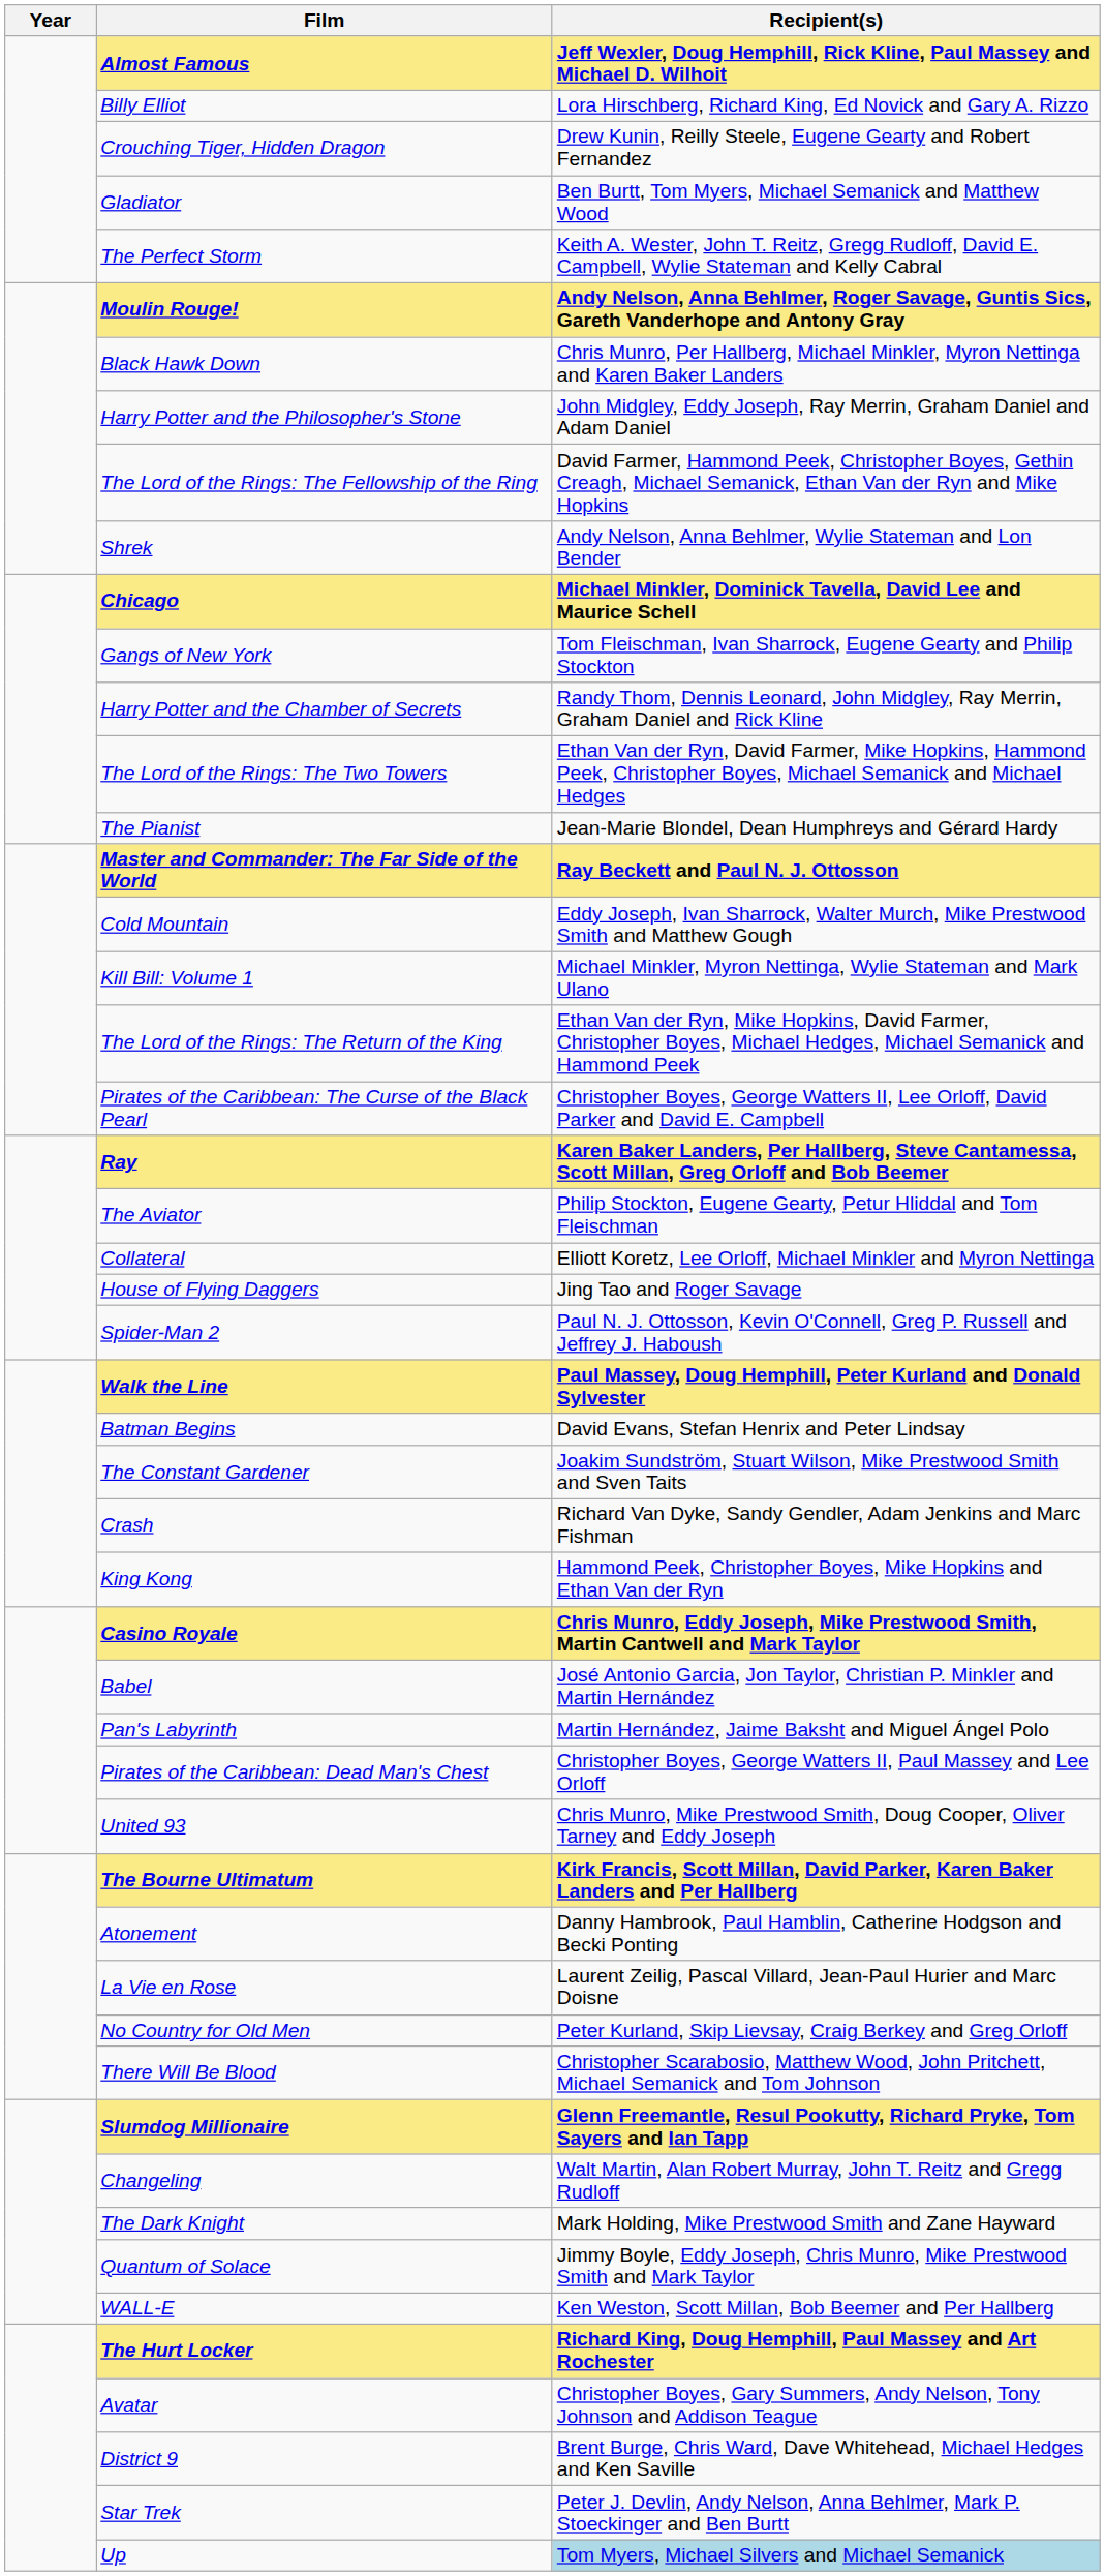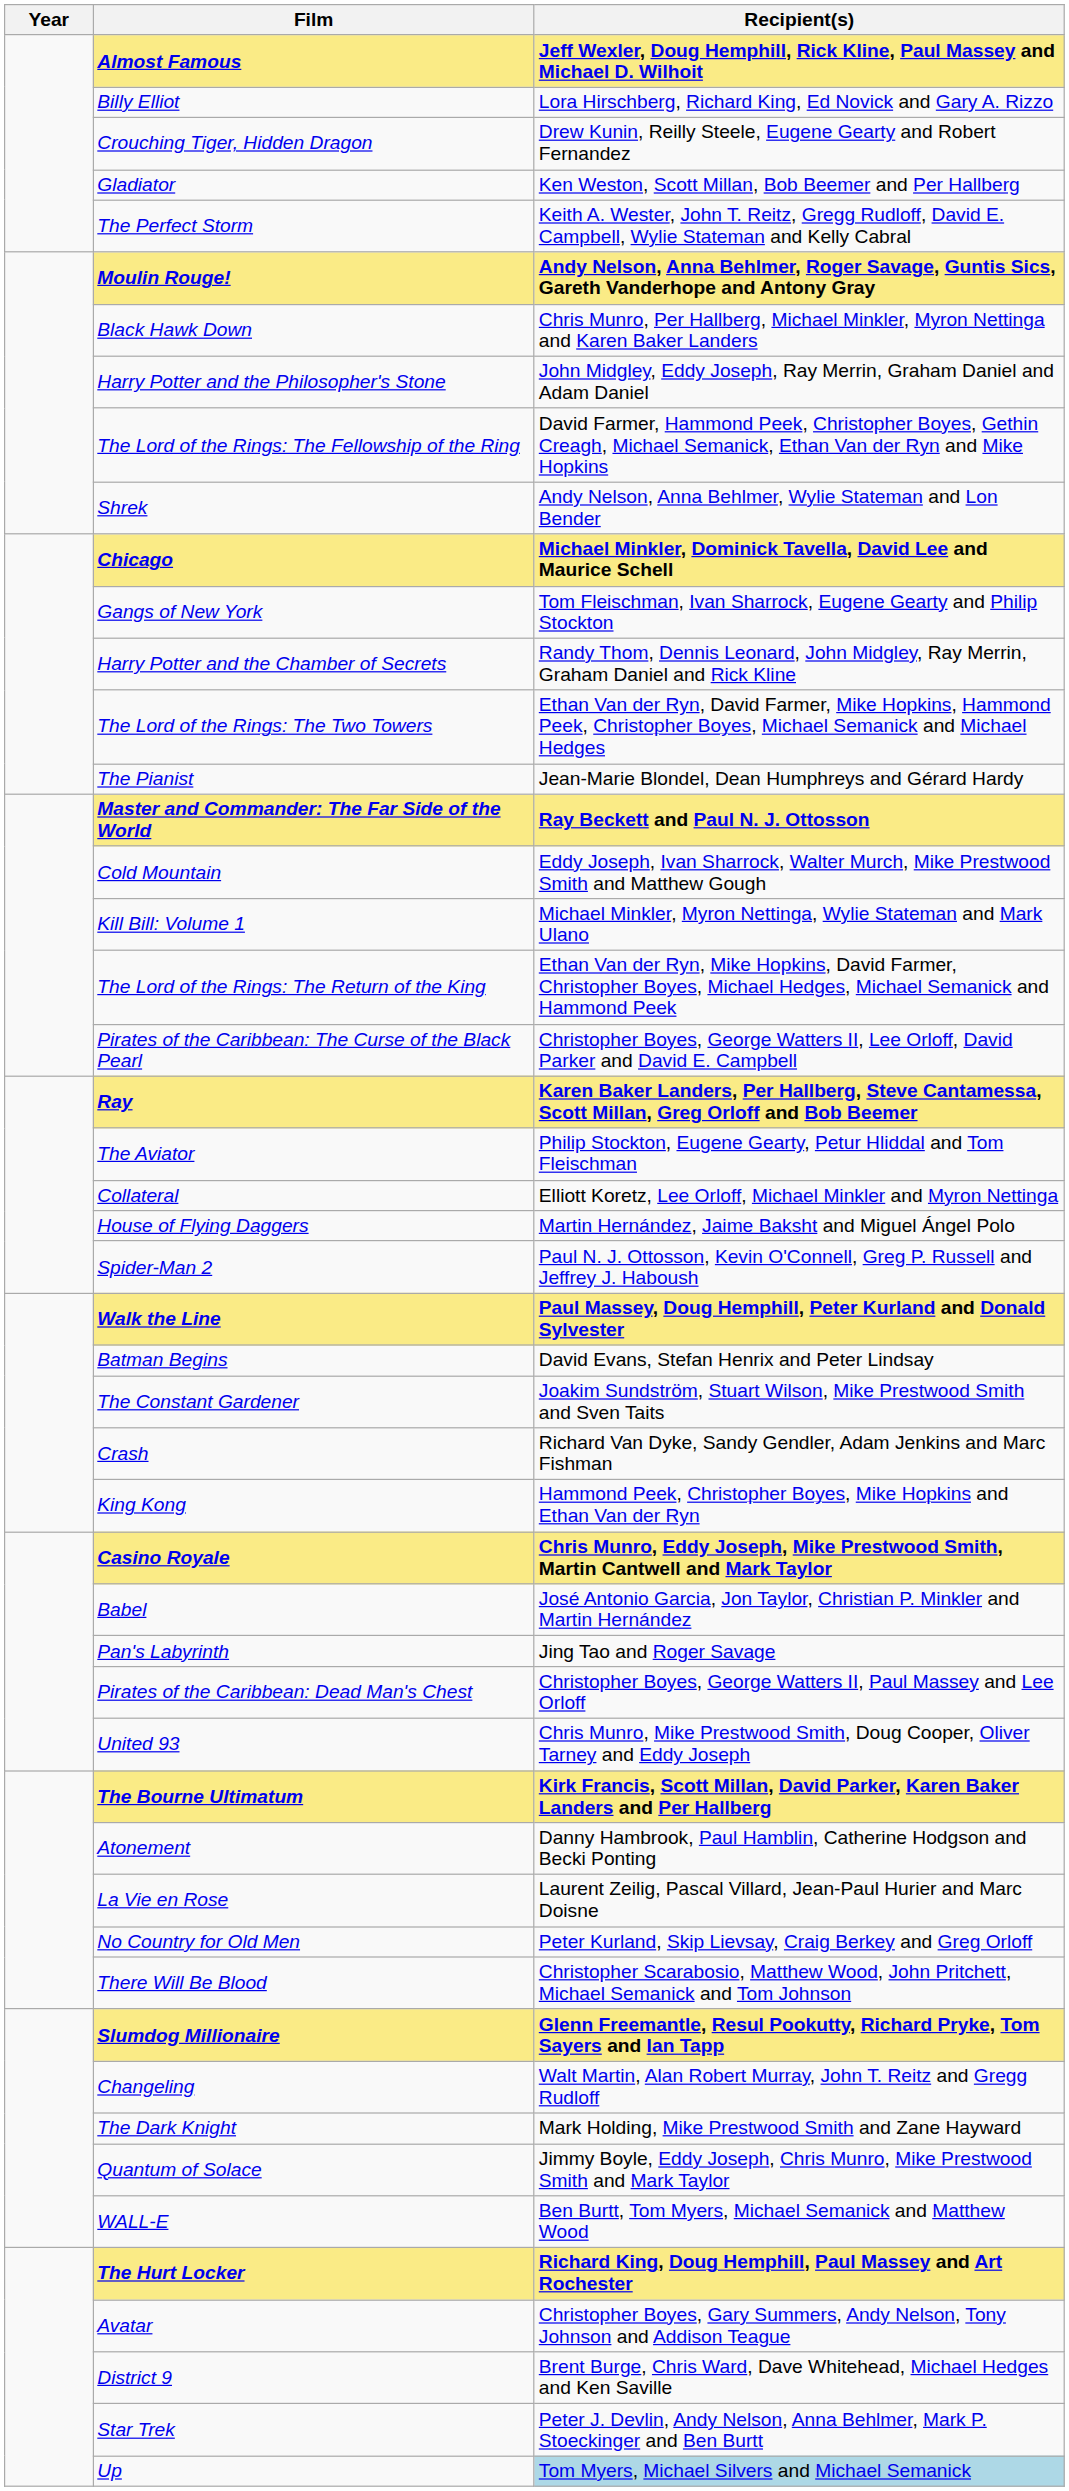 <table class="wikitable" style="width:100%;" cellpadding="5">
 <tr>
 <th style="width:5%;">Year</th>
 <th style="width:25%;">Film</th>
 <th style="width:30%;">Recipient(s)</th>
 </tr>
 <tr>
 <td rowspan="5"></td>
 <td style="background:#FAEB86"><strong><em><a href='#'>Almost Famous</a></em></strong></td>
 <td style="background:#FAEB86"><strong><a href='#'>Jeff Wexler</a>, <a href='#'>Doug Hemphill</a>, <a href='#'>Rick Kline</a>, <a href='#'>Paul Massey</a> and <a href='#'>Michael D. Wilhoit</a></strong></td>
 </tr>
 <tr>
 <td><em><a href='#'>Billy Elliot</a></em></td>
 <td><a href='#'>Lora Hirschberg</a>, <a href='#'>Richard King</a>, <a href='#'>Ed Novick</a> and <a href='#'>Gary A. Rizzo</a></td>
 </tr>
 <tr>
 <td><em><a href='#'>Crouching Tiger, Hidden Dragon</a></em></td>
 <td><a href='#'>Drew Kunin</a>, Reilly Steele, <a href='#'>Eugene Gearty</a> and Robert Fernandez</td>
 </tr>
 <tr>
 <td><em><a href='#'>Gladiator</a></em></td>
-<td><a href='#'>Ben Burtt</a>, <a href='#'>Tom Myers</a>, <a href='#'>Michael Semanick</a> and <a href='#'>Matthew Wood</a></td>
+<td><a href='#'>Ken Weston</a>, <a href='#'>Scott Millan</a>, <a href='#'>Bob Beemer</a> and <a href='#'>Per Hallberg</a></td>
 </tr>
 <tr>
 <td><em><a href='#'>The Perfect Storm</a></em></td>
 <td><a href='#'>Keith A. Wester</a>, <a href='#'>John T. Reitz</a>, <a href='#'>Gregg Rudloff</a>, <a href='#'>David E. Campbell</a>, <a href='#'>Wylie Stateman</a> and Kelly Cabral</td>
 </tr>
 <tr>
 <td rowspan="5"></td>
 <td style="background:#FAEB86"><strong><em><a href='#'>Moulin Rouge!</a></em></strong></td>
 <td style="background:#FAEB86"><strong><a href='#'>Andy Nelson</a>, <a href='#'>Anna Behlmer</a>, <a href='#'>Roger Savage</a>, <a href='#'>Guntis Sics</a>, Gareth Vanderhope and Antony Gray</strong></td>
 </tr>
 <tr>
 <td><em><a href='#'>Black Hawk Down</a></em></td>
 <td><a href='#'>Chris Munro</a>, <a href='#'>Per Hallberg</a>, <a href='#'>Michael Minkler</a>, <a href='#'>Myron Nettinga</a> and <a href='#'>Karen Baker Landers</a></td>
 </tr>
 <tr>
 <td><em><a href='#'>Harry Potter and the Philosopher's Stone</a></em></td>
 <td><a href='#'>John Midgley</a>, <a href='#'>Eddy Joseph</a>, Ray Merrin, Graham Daniel and Adam Daniel</td>
 </tr>
 <tr>
 <td><em><a href='#'>The Lord of the Rings: The Fellowship of the Ring</a></em></td>
 <td>David Farmer, <a href='#'>Hammond Peek</a>, <a href='#'>Christopher Boyes</a>, <a href='#'>Gethin Creagh</a>, <a href='#'>Michael Semanick</a>, <a href='#'>Ethan Van der Ryn</a> and <a href='#'>Mike Hopkins</a></td>
 </tr>
 <tr>
 <td><em><a href='#'>Shrek</a></em></td>
 <td><a href='#'>Andy Nelson</a>, <a href='#'>Anna Behlmer</a>, <a href='#'>Wylie Stateman</a> and <a href='#'>Lon Bender</a></td>
 </tr>
 <tr>
 <td rowspan="5"></td>
 <td style="background:#FAEB86"><strong><em><a href='#'>Chicago</a></em></strong></td>
 <td style="background:#FAEB86"><strong><a href='#'>Michael Minkler</a>, <a href='#'>Dominick Tavella</a>, <a href='#'>David Lee</a> and Maurice Schell</strong></td>
 </tr>
 <tr>
 <td><em><a href='#'>Gangs of New York</a></em></td>
 <td><a href='#'>Tom Fleischman</a>, <a href='#'>Ivan Sharrock</a>, <a href='#'>Eugene Gearty</a> and <a href='#'>Philip Stockton</a></td>
 </tr>
 <tr>
 <td><em><a href='#'>Harry Potter and the Chamber of Secrets</a></em></td>
 <td><a href='#'>Randy Thom</a>, <a href='#'>Dennis Leonard</a>, <a href='#'>John Midgley</a>, Ray Merrin, Graham Daniel and <a href='#'>Rick Kline</a></td>
 </tr>
 <tr>
 <td><em><a href='#'>The Lord of the Rings: The Two Towers</a></em></td>
 <td><a href='#'>Ethan Van der Ryn</a>, David Farmer, <a href='#'>Mike Hopkins</a>, <a href='#'>Hammond Peek</a>, <a href='#'>Christopher Boyes</a>, <a href='#'>Michael Semanick</a> and <a href='#'>Michael Hedges</a></td>
 </tr>
 <tr>
 <td><em><a href='#'>The Pianist</a></em></td>
 <td>Jean-Marie Blondel, Dean Humphreys and Gérard Hardy</td>
 </tr>
 <tr>
 <td rowspan="5"></td>
 <td style="background:#FAEB86"><strong><em><a href='#'>Master and Commander: The Far Side of the World</a></em></strong></td>
 <td style="background:#FAEB86"><strong><a href='#'>Ray Beckett</a> and <a href='#'>Paul N. J. Ottosson</a></strong></td>
 </tr>
 <tr>
 <td><em><a href='#'>Cold Mountain</a></em></td>
 <td><a href='#'>Eddy Joseph</a>, <a href='#'>Ivan Sharrock</a>, <a href='#'>Walter Murch</a>, <a href='#'>Mike Prestwood Smith</a> and Matthew Gough</td>
 </tr>
 <tr>
 <td><em><a href='#'>Kill Bill: Volume 1</a></em></td>
 <td><a href='#'>Michael Minkler</a>, <a href='#'>Myron Nettinga</a>, <a href='#'>Wylie Stateman</a> and <a href='#'>Mark Ulano</a></td>
 </tr>
 <tr>
 <td><em><a href='#'>The Lord of the Rings: The Return of the King</a></em></td>
 <td><a href='#'>Ethan Van der Ryn</a>, <a href='#'>Mike Hopkins</a>, David Farmer, <a href='#'>Christopher Boyes</a>, <a href='#'>Michael Hedges</a>, <a href='#'>Michael Semanick</a> and <a href='#'>Hammond Peek</a></td>
 </tr>
 <tr>
 <td><em><a href='#'>Pirates of the Caribbean: The Curse of the Black Pearl</a></em></td>
 <td><a href='#'>Christopher Boyes</a>, <a href='#'>George Watters II</a>, <a href='#'>Lee Orloff</a>, <a href='#'>David Parker</a> and <a href='#'>David E. Campbell</a></td>
 </tr>
 <tr>
 <td rowspan="5"></td>
 <td style="background:#FAEB86"><strong><em><a href='#'>Ray</a></em></strong></td>
 <td style="background:#FAEB86"><strong><a href='#'>Karen Baker Landers</a>, <a href='#'>Per Hallberg</a>, <a href='#'>Steve Cantamessa</a>, <a href='#'>Scott Millan</a>, <a href='#'>Greg Orloff</a> and <a href='#'>Bob Beemer</a></strong></td>
 </tr>
 <tr>
 <td><em><a href='#'>The Aviator</a></em></td>
 <td><a href='#'>Philip Stockton</a>, <a href='#'>Eugene Gearty</a>, <a href='#'>Petur Hliddal</a> and <a href='#'>Tom Fleischman</a></td>
 </tr>
 <tr>
 <td><em><a href='#'>Collateral</a></em></td>
 <td>Elliott Koretz, <a href='#'>Lee Orloff</a>, <a href='#'>Michael Minkler</a> and <a href='#'>Myron Nettinga</a></td>
 </tr>
 <tr>
 <td><em><a href='#'>House of Flying Daggers</a></em></td>
-<td>Jing Tao and <a href='#'>Roger Savage</a></td>
+<td><a href='#'>Martin Hernández</a>, <a href='#'>Jaime Baksht</a> and Miguel Ángel Polo</td>
 </tr>
 <tr>
 <td><em><a href='#'>Spider-Man 2</a></em></td>
 <td><a href='#'>Paul N. J. Ottosson</a>, <a href='#'>Kevin O'Connell</a>, <a href='#'>Greg P. Russell</a> and <a href='#'>Jeffrey J. Haboush</a></td>
 </tr>
 <tr>
 <td rowspan="5"></td>
 <td style="background:#FAEB86"><strong><em><a href='#'>Walk the Line</a></em></strong></td>
 <td style="background:#FAEB86"><strong><a href='#'>Paul Massey</a>, <a href='#'>Doug Hemphill</a>, <a href='#'>Peter Kurland</a> and <a href='#'>Donald Sylvester</a></strong></td>
 </tr>
 <tr>
 <td><em><a href='#'>Batman Begins</a></em></td>
 <td>David Evans, Stefan Henrix and Peter Lindsay</td>
 </tr>
 <tr>
 <td><em><a href='#'>The Constant Gardener</a></em></td>
 <td><a href='#'>Joakim Sundström</a>, <a href='#'>Stuart Wilson</a>, <a href='#'>Mike Prestwood Smith</a> and Sven Taits</td>
 </tr>
 <tr>
 <td><em><a href='#'>Crash</a></em></td>
 <td>Richard Van Dyke, Sandy Gendler, Adam Jenkins and Marc Fishman</td>
 </tr>
 <tr>
 <td><em><a href='#'>King Kong</a></em></td>
 <td><a href='#'>Hammond Peek</a>, <a href='#'>Christopher Boyes</a>, <a href='#'>Mike Hopkins</a> and <a href='#'>Ethan Van der Ryn</a></td>
 </tr>
 <tr>
 <td rowspan="5"></td>
 <td style="background:#FAEB86"><strong><em><a href='#'>Casino Royale</a></em></strong></td>
 <td style="background:#FAEB86"><strong><a href='#'>Chris Munro</a>, <a href='#'>Eddy Joseph</a>, <a href='#'>Mike Prestwood Smith</a>, Martin Cantwell and <a href='#'>Mark Taylor</a></strong></td>
 </tr>
 <tr>
 <td><em><a href='#'>Babel</a></em></td>
 <td><a href='#'>José Antonio Garcia</a>, <a href='#'>Jon Taylor</a>, <a href='#'>Christian P. Minkler</a> and <a href='#'>Martin Hernández</a></td>
 </tr>
 <tr>
 <td><em><a href='#'>Pan's Labyrinth</a></em></td>
-<td><a href='#'>Martin Hernández</a>, <a href='#'>Jaime Baksht</a> and Miguel Ángel Polo</td>
+<td>Jing Tao and <a href='#'>Roger Savage</a></td>
 </tr>
 <tr>
 <td><em><a href='#'>Pirates of the Caribbean: Dead Man's Chest</a></em></td>
 <td><a href='#'>Christopher Boyes</a>, <a href='#'>George Watters II</a>, <a href='#'>Paul Massey</a> and <a href='#'>Lee Orloff</a></td>
 </tr>
 <tr>
 <td><em><a href='#'>United 93</a></em></td>
 <td><a href='#'>Chris Munro</a>, <a href='#'>Mike Prestwood Smith</a>, Doug Cooper, <a href='#'>Oliver Tarney</a> and <a href='#'>Eddy Joseph</a></td>
 </tr>
 <tr>
 <td rowspan="5"></td>
 <td style="background:#FAEB86"><strong><em><a href='#'>The Bourne Ultimatum</a></em></strong></td>
 <td style="background:#FAEB86"><strong><a href='#'>Kirk Francis</a>, <a href='#'>Scott Millan</a>, <a href='#'>David Parker</a>, <a href='#'>Karen Baker Landers</a> and <a href='#'>Per Hallberg</a></strong></td>
 </tr>
 <tr>
 <td><em><a href='#'>Atonement</a></em></td>
 <td>Danny Hambrook, <a href='#'>Paul Hamblin</a>, Catherine Hodgson and Becki Ponting</td>
 </tr>
 <tr>
 <td><em><a href='#'>La Vie en Rose</a></em></td>
 <td>Laurent Zeilig, Pascal Villard, Jean-Paul Hurier and Marc Doisne</td>
 </tr>
 <tr>
 <td><em><a href='#'>No Country for Old Men</a></em></td>
 <td><a href='#'>Peter Kurland</a>, <a href='#'>Skip Lievsay</a>, <a href='#'>Craig Berkey</a> and <a href='#'>Greg Orloff</a></td>
 </tr>
 <tr>
 <td><em><a href='#'>There Will Be Blood</a></em></td>
 <td><a href='#'>Christopher Scarabosio</a>, <a href='#'>Matthew Wood</a>, <a href='#'>John Pritchett</a>, <a href='#'>Michael Semanick</a> and <a href='#'>Tom Johnson</a></td>
 </tr>
 <tr>
 <td rowspan="5"></td>
 <td style="background:#FAEB86"><strong><em><a href='#'>Slumdog Millionaire</a></em></strong></td>
 <td style="background:#FAEB86"><strong><a href='#'>Glenn Freemantle</a>, <a href='#'>Resul Pookutty</a>, <a href='#'>Richard Pryke</a>, <a href='#'>Tom Sayers</a> and <a href='#'>Ian Tapp</a></strong></td>
 </tr>
 <tr>
 <td><em><a href='#'>Changeling</a></em></td>
 <td><a href='#'>Walt Martin</a>, <a href='#'>Alan Robert Murray</a>, <a href='#'>John T. Reitz</a> and <a href='#'>Gregg Rudloff</a></td>
 </tr>
 <tr>
 <td><em><a href='#'>The Dark Knight</a></em></td>
 <td>Mark Holding, <a href='#'>Mike Prestwood Smith</a> and Zane Hayward</td>
 </tr>
 <tr>
 <td><em><a href='#'>Quantum of Solace</a></em></td>
 <td>Jimmy Boyle, <a href='#'>Eddy Joseph</a>, <a href='#'>Chris Munro</a>, <a href='#'>Mike Prestwood Smith</a> and <a href='#'>Mark Taylor</a></td>
 </tr>
 <tr>
 <td><em><a href='#'>WALL-E</a></em></td>
-<td><a href='#'>Ken Weston</a>, <a href='#'>Scott Millan</a>, <a href='#'>Bob Beemer</a> and <a href='#'>Per Hallberg</a></td>
+<td><a href='#'>Ben Burtt</a>, <a href='#'>Tom Myers</a>, <a href='#'>Michael Semanick</a> and <a href='#'>Matthew Wood</a></td>
 </tr>
 <tr>
 <td rowspan="5"></td>
 <td style="background:#FAEB86"><strong><em><a href='#'>The Hurt Locker</a></em></strong></td>
 <td style="background:#FAEB86"><strong><a href='#'>Richard King</a>, <a href='#'>Doug Hemphill</a>, <a href='#'>Paul Massey</a> and <a href='#'>Art Rochester</a></strong></td>
 </tr>
 <tr>
 <td><em><a href='#'>Avatar</a></em></td>
 <td><a href='#'>Christopher Boyes</a>, <a href='#'>Gary Summers</a>, <a href='#'>Andy Nelson</a>, <a href='#'>Tony Johnson</a> and <a href='#'>Addison Teague</a></td>
 </tr>
 <tr>
 <td><em><a href='#'>District 9</a></em></td>
 <td><a href='#'>Brent Burge</a>, <a href='#'>Chris Ward</a>, Dave Whitehead, <a href='#'>Michael Hedges</a> and Ken Saville</td>
 </tr>
 <tr>
 <td><em><a href='#'>Star Trek</a></em></td>
 <td><a href='#'>Peter J. Devlin</a>, <a href='#'>Andy Nelson</a>, <a href='#'>Anna Behlmer</a>, <a href='#'>Mark P. Stoeckinger</a> and <a href='#'>Ben Burtt</a></td>
 </tr>
 <tr>
 <td><em><a href='#'>Up</a></em></td>
 <td style="background: lightblue;"><a href='#'>Tom Myers</a>, <a href='#'>Michael Silvers</a> and <a href='#'>Michael Semanick</a></td>
 </tr>
 </table>
